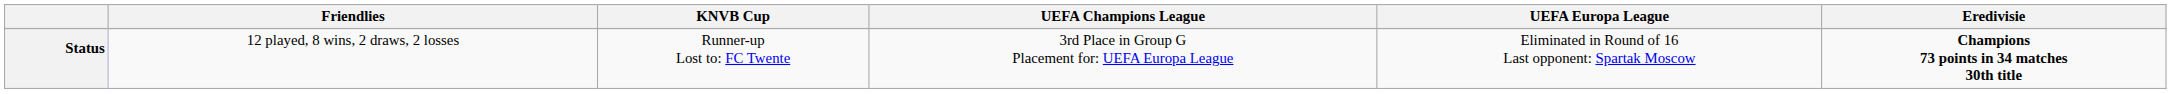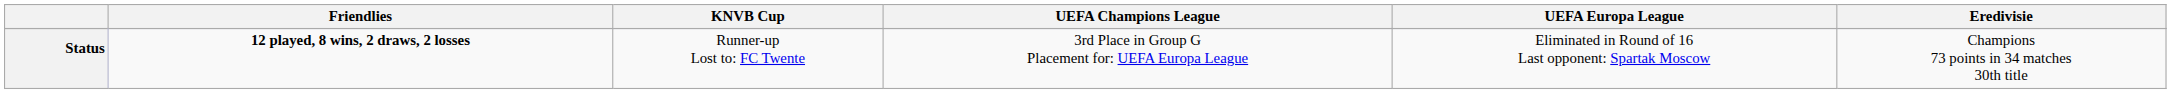 <table class="wikitable" style="width:100%; font-size:85%;">
 <tr>
 <th></th>
 <th style="border-bottom:1px solid #B5B7CF;">Friendlies</th>
 <th style="border-bottom:1px solid #B5B7CF;">KNVB Cup</th>
 <th style="border-bottom:1px solid #B5B7CF;">UEFA Champions League</th>
 <th style="border-bottom:1px solid #B5B7CF;">UEFA Europa League</th>
 <th style="border-bottom:1px solid #B5B7CF;">Eredivisie</th>
 </tr>
 <tr>
 </tr>
 <tr style="font-size:100%;" valign="top">
 <th style="border-right:1px solid #B5B7CF;text-align:right;padding-top:10px;">Status</th>
-<td align=center>12 played, 8 wins, 2 draws, 2 losses</td>
+<td align=center><strong>12 played, 8 wins, 2 draws, 2 losses</strong></td>
 <td align=center>Runner-up<br>Lost to: <a href='#'>FC Twente</a></td>
 <td align=center>3rd Place in Group G<br>Placement for: <a href='#'>UEFA Europa League</a></td>
 <td align=center>Eliminated in Round of 16<br>Last opponent: <a href='#'>Spartak Moscow</a></td>
-<td align=center><strong>Champions<br>73 points in 34 matches<br>30th title</strong></td>
+<td align=center>Champions<br>73 points in 34 matches<br>30th title</td>
 </tr>
 </table>
